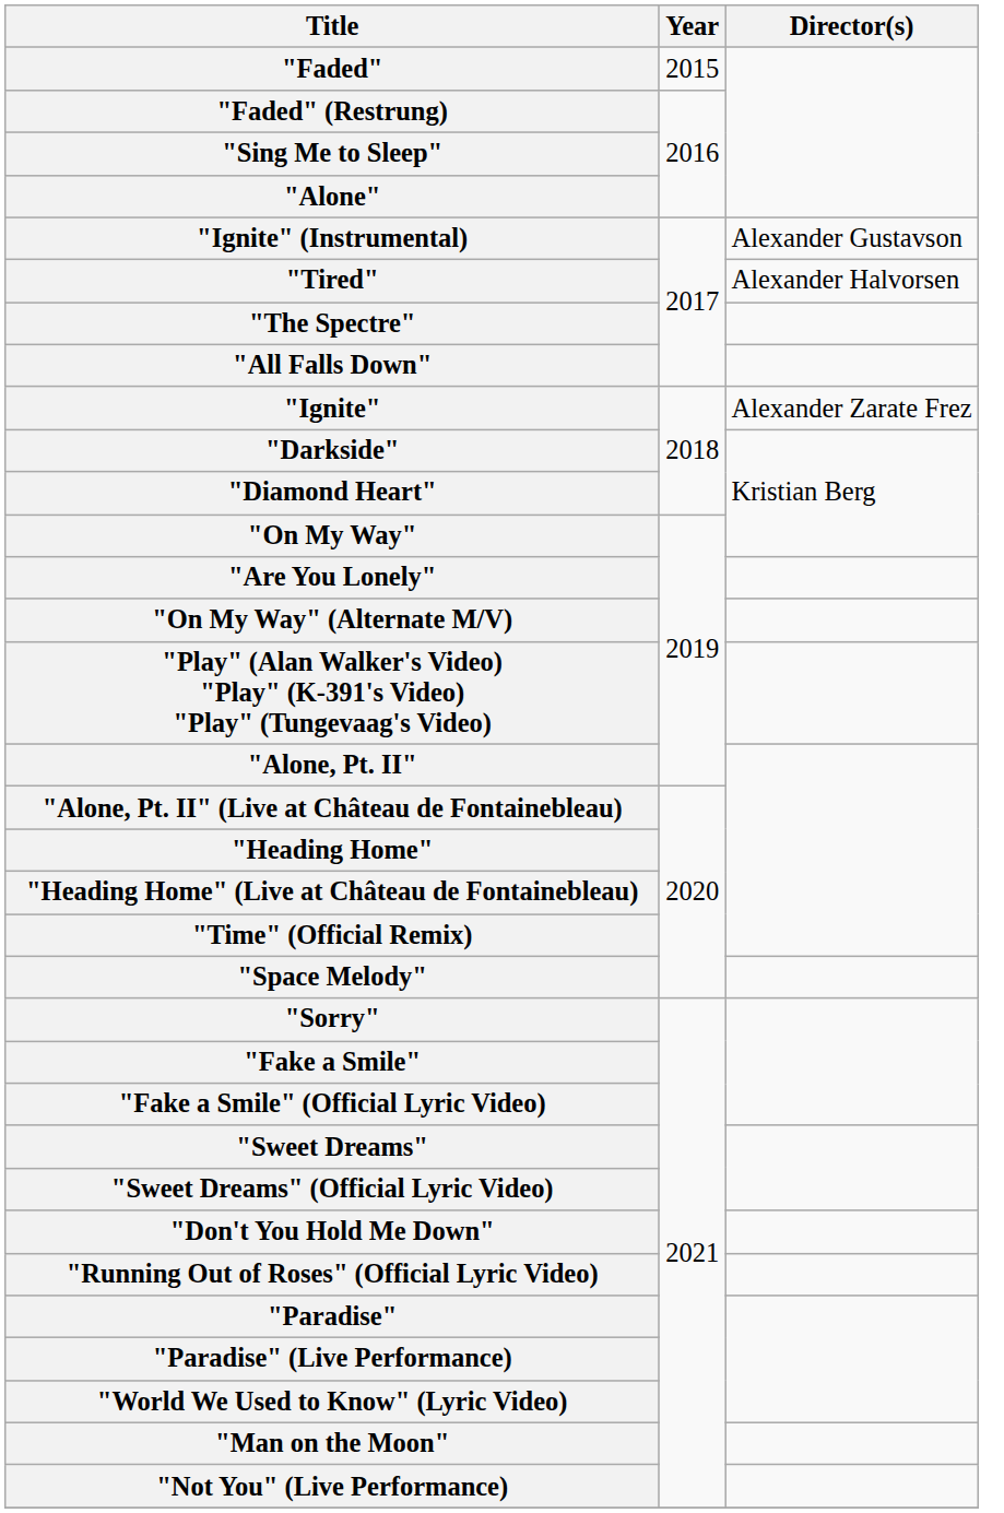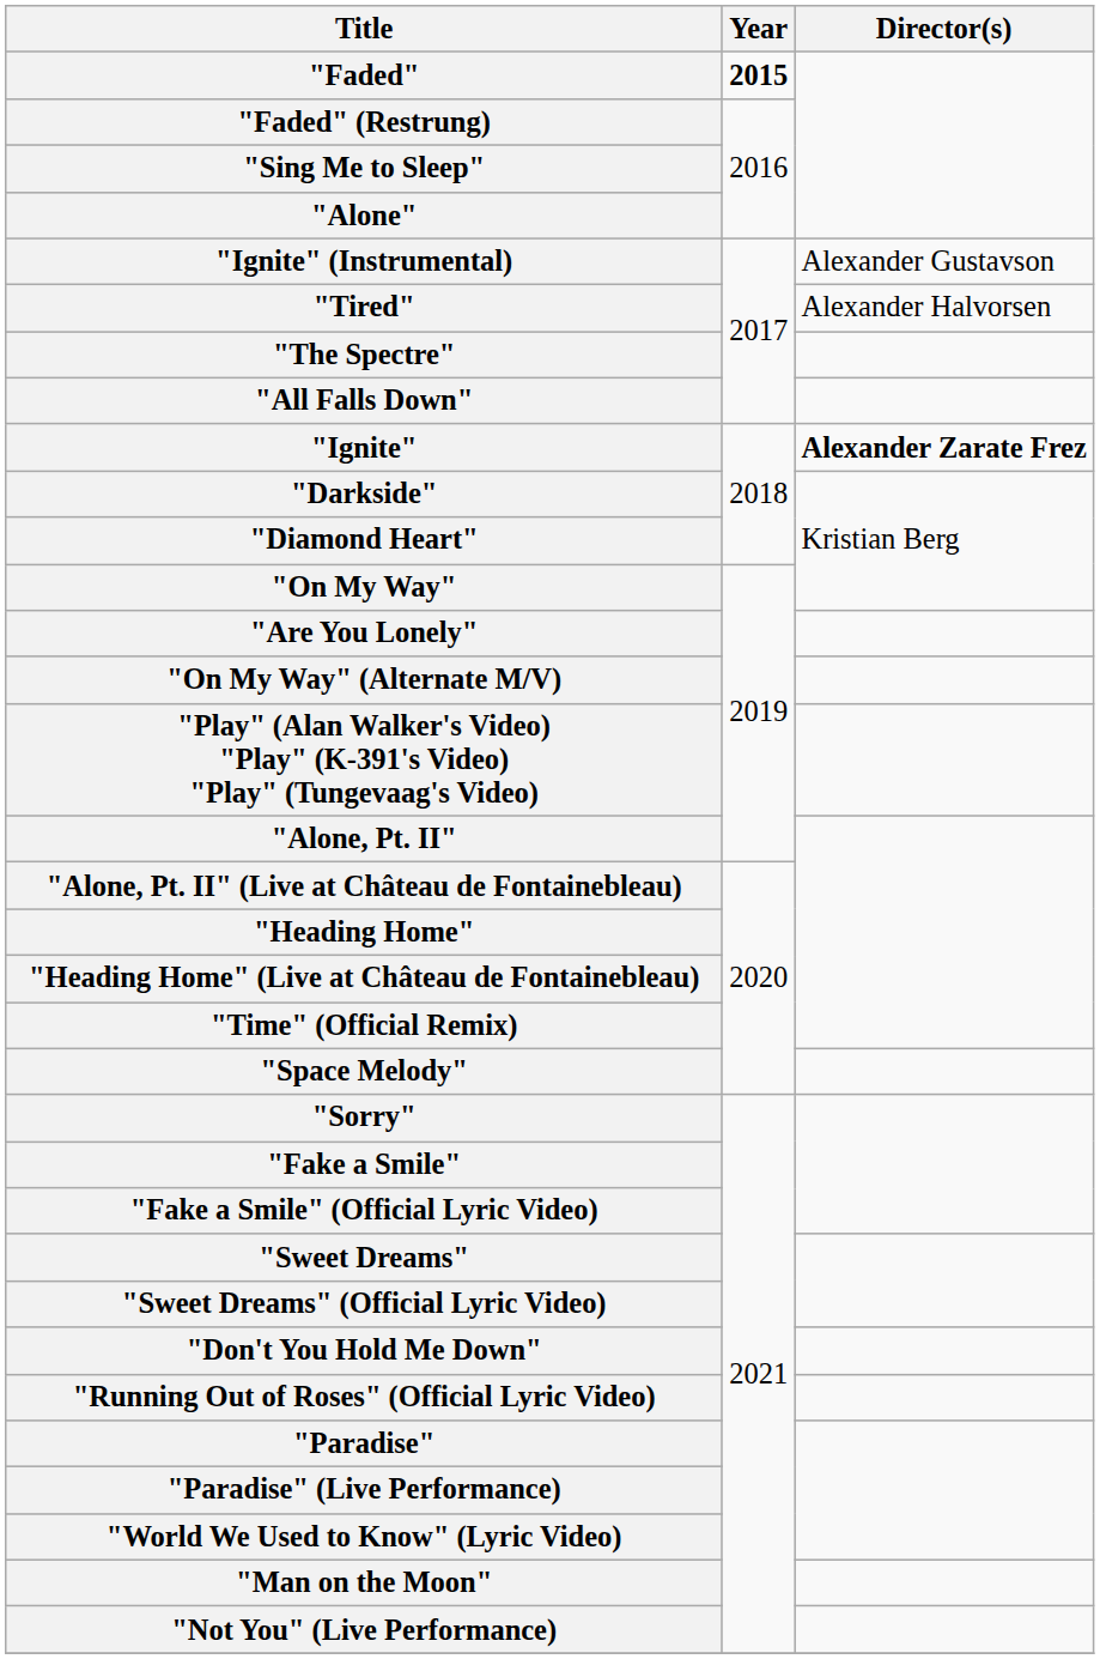 <table class="wikitable plainrowheaders">
 <tr>
 <th style="width:24em;">Title</th>
 <th style="width:1em;">Year</th>
 <th scope="col">Director(s)</th>
 </tr>
 <tr>
 <th scope="row">"Faded"</th>
-<td style="text-align:center">2015</td>
+<td style="text-align:center"><strong>2015</strong></td>
 <td rowspan="4"></td>
 </tr>
 <tr>
 <th scope="row">"Faded" (Restrung)</th>
 <td rowspan="3">2016</td>
 </tr>
 <tr>
 <th scope="row">"Sing Me to Sleep"</th>
 </tr>
 <tr>
 <th scope="row">"Alone"</th>
 </tr>
 <tr>
 <th scope="row">"Ignite" (Instrumental)</th>
 <td rowspan="4">2017</td>
 <td>Alexander Gustavson</td>
 </tr>
 <tr>
 <th scope="row">"Tired"</th>
 <td>Alexander Halvorsen</td>
 </tr>
 <tr>
 <th scope="row">"The Spectre"</th>
 <td></td>
 </tr>
 <tr>
 <th scope="row">"All Falls Down"</th>
 <td></td>
 </tr>
 <tr>
 <th scope="row">"Ignite"</th>
 <td rowspan="3">2018</td>
-<td>Alexander Zarate Frez</td>
+<td><strong>Alexander Zarate Frez</strong></td>
 </tr>
 <tr>
 <th scope="row">"Darkside"</th>
 <td rowspan="3">Kristian Berg</td>
 </tr>
 <tr>
 <th scope="row">"Diamond Heart"</th>
 </tr>
 <tr>
 <th scope="row">"On My Way"</th>
 <td rowspan="5">2019</td>
 </tr>
 <tr>
 <th scope="row">"Are You Lonely"</th>
 <td></td>
 </tr>
 <tr>
 <th scope="row">"On My Way" (Alternate M/V)</th>
 <td></td>
 </tr>
 <tr>
 <th scope="row">"Play" (Alan Walker's Video)<br>"Play" (K-391's Video)<br>"Play" (Tungevaag's Video)</th>
 <td></td>
 </tr>
 <tr>
 <th scope="row">"Alone, Pt. II"</th>
 <td rowspan="5"></td>
 </tr>
 <tr>
 <th scope="row">"Alone, Pt. II" (Live at Château de Fontainebleau)</th>
 <td rowspan="5">2020</td>
 </tr>
 <tr>
 <th scope="row">"Heading Home"</th>
 </tr>
 <tr>
 <th scope="row">"Heading Home" (Live at Château de Fontainebleau)</th>
 </tr>
 <tr>
 <th scope="row">"Time" (Official Remix)</th>
 </tr>
 <tr>
 <th scope="row">"Space Melody"</th>
 <td></td>
 </tr>
 <tr>
 <th scope="row">"Sorry"</th>
 <td rowspan="12">2021</td>
 <td rowspan="3"></td>
 </tr>
 <tr>
 <th scope="row">"Fake a Smile"</th>
 </tr>
 <tr>
 <th scope="row">"Fake a Smile" (Official Lyric Video)</th>
 </tr>
 <tr>
 <th scope="row">"Sweet Dreams"</th>
 <td rowspan="2"></td>
 </tr>
 <tr>
 <th scope="row">"Sweet Dreams" (Official Lyric Video)</th>
 </tr>
 <tr>
 <th scope="row">"Don't You Hold Me Down"</th>
 <td></td>
 </tr>
 <tr>
 <th scope="row">"Running Out of Roses" (Official Lyric Video)</th>
 <td></td>
 </tr>
 <tr>
 <th scope="row">"Paradise"</th>
 <td rowspan="3"></td>
 </tr>
 <tr>
 <th scope="row">"Paradise" (Live Performance)</th>
 </tr>
 <tr>
 <th scope="row">"World We Used to Know" (Lyric Video)</th>
 </tr>
 <tr>
 <th scope="row">"Man on the Moon"</th>
 <td></td>
 </tr>
 <tr>
 <th scope="row">"Not You" (Live Performance)</th>
 <td></td>
 </tr>
 <tr>
 </tr>
 </table>
